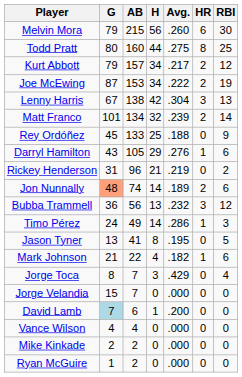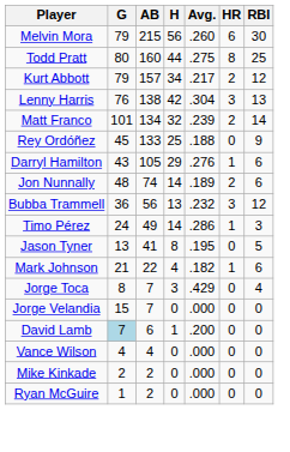 <table class="wikitable sortable">
 <tr>
 <th>Player</th>
 <th>G</th>
 <th>AB</th>
 <th>H</th>
 <th>Avg.</th>
 <th>HR</th>
 <th>RBI</th>
 </tr>
 <tr align="center">
 <td><a href='#'>Melvin Mora</a></td>
 <td>79</td>
 <td>215</td>
 <td>56</td>
 <td>.260</td>
 <td>6</td>
 <td>30</td>
 </tr>
 <tr align="center">
 <td><a href='#'>Todd Pratt</a></td>
 <td>80</td>
 <td>160</td>
 <td>44</td>
 <td>.275</td>
 <td>8</td>
 <td>25</td>
 </tr>
 <tr align="center">
 <td><a href='#'>Kurt Abbott</a></td>
 <td>79</td>
 <td>157</td>
 <td>34</td>
 <td>.217</td>
 <td>2</td>
 <td>12</td>
 </tr>
 <tr align="center">
-<td><a href='#'>Joe McEwing</a></td>
-<td>87</td>
-<td>153</td>
-<td>34</td>
-<td>.222</td>
-<td>2</td>
-<td>19</td>
-</tr>
-<tr align="center">
 <td><a href='#'>Lenny Harris</a></td>
-<td>67</td>
+<td>76</td>
 <td>138</td>
 <td>42</td>
 <td>.304</td>
 <td>3</td>
 <td>13</td>
 </tr>
 <tr align="center">
 <td><a href='#'>Matt Franco</a></td>
 <td>101</td>
 <td>134</td>
 <td>32</td>
 <td>.239</td>
 <td>2</td>
 <td>14</td>
 </tr>
 <tr align="center">
 <td><a href='#'>Rey Ordóñez</a></td>
 <td>45</td>
 <td>133</td>
 <td>25</td>
 <td>.188</td>
 <td>0</td>
 <td>9</td>
 </tr>
 <tr align="center">
 <td><a href='#'>Darryl Hamilton</a></td>
 <td>43</td>
 <td>105</td>
 <td>29</td>
 <td>.276</td>
 <td>1</td>
 <td>6</td>
 </tr>
 <tr align="center">
-<td><a href='#'>Rickey Henderson</a></td>
-<td>31</td>
-<td>96</td>
-<td>21</td>
-<td>.219</td>
-<td>0</td>
-<td>2</td>
-</tr>
-<tr align="center">
 <td><a href='#'>Jon Nunnally</a></td>
-<td style="background: lightsalmon;">48</td>
+<td>48</td>
 <td>74</td>
 <td>14</td>
 <td>.189</td>
 <td>2</td>
 <td>6</td>
 </tr>
 <tr align="center">
 <td><a href='#'>Bubba Trammell</a></td>
 <td>36</td>
 <td>56</td>
 <td>13</td>
 <td>.232</td>
 <td>3</td>
 <td>12</td>
 </tr>
 <tr align="center">
 <td><a href='#'>Timo Pérez</a></td>
 <td>24</td>
 <td>49</td>
 <td>14</td>
 <td>.286</td>
 <td>1</td>
 <td>3</td>
 </tr>
 <tr align="center">
 <td><a href='#'>Jason Tyner</a></td>
 <td>13</td>
 <td>41</td>
 <td>8</td>
 <td>.195</td>
 <td>0</td>
 <td>5</td>
 </tr>
 <tr align="center">
 <td><a href='#'>Mark Johnson</a></td>
 <td>21</td>
 <td>22</td>
 <td>4</td>
 <td>.182</td>
 <td>1</td>
 <td>6</td>
 </tr>
 <tr align="center">
 <td><a href='#'>Jorge Toca</a></td>
 <td>8</td>
 <td>7</td>
 <td>3</td>
 <td>.429</td>
 <td>0</td>
 <td>4</td>
 </tr>
 <tr align="center">
 <td><a href='#'>Jorge Velandia</a></td>
 <td>15</td>
 <td>7</td>
 <td>0</td>
 <td>.000</td>
 <td>0</td>
 <td>0</td>
 </tr>
 <tr align="center">
 <td><a href='#'>David Lamb</a></td>
 <td style="background: lightblue;">7</td>
 <td>6</td>
 <td>1</td>
 <td>.200</td>
 <td>0</td>
 <td>0</td>
 </tr>
 <tr align="center">
 <td><a href='#'>Vance Wilson</a></td>
 <td>4</td>
 <td>4</td>
 <td>0</td>
 <td>.000</td>
 <td>0</td>
 <td>0</td>
 </tr>
 <tr align="center">
 <td><a href='#'>Mike Kinkade</a></td>
 <td>2</td>
 <td>2</td>
 <td>0</td>
 <td>.000</td>
 <td>0</td>
 <td>0</td>
 </tr>
 <tr align="center">
 <td><a href='#'>Ryan McGuire</a></td>
 <td>1</td>
 <td>2</td>
 <td>0</td>
 <td>.000</td>
 <td>0</td>
 <td>0</td>
 </tr>
 </table>
